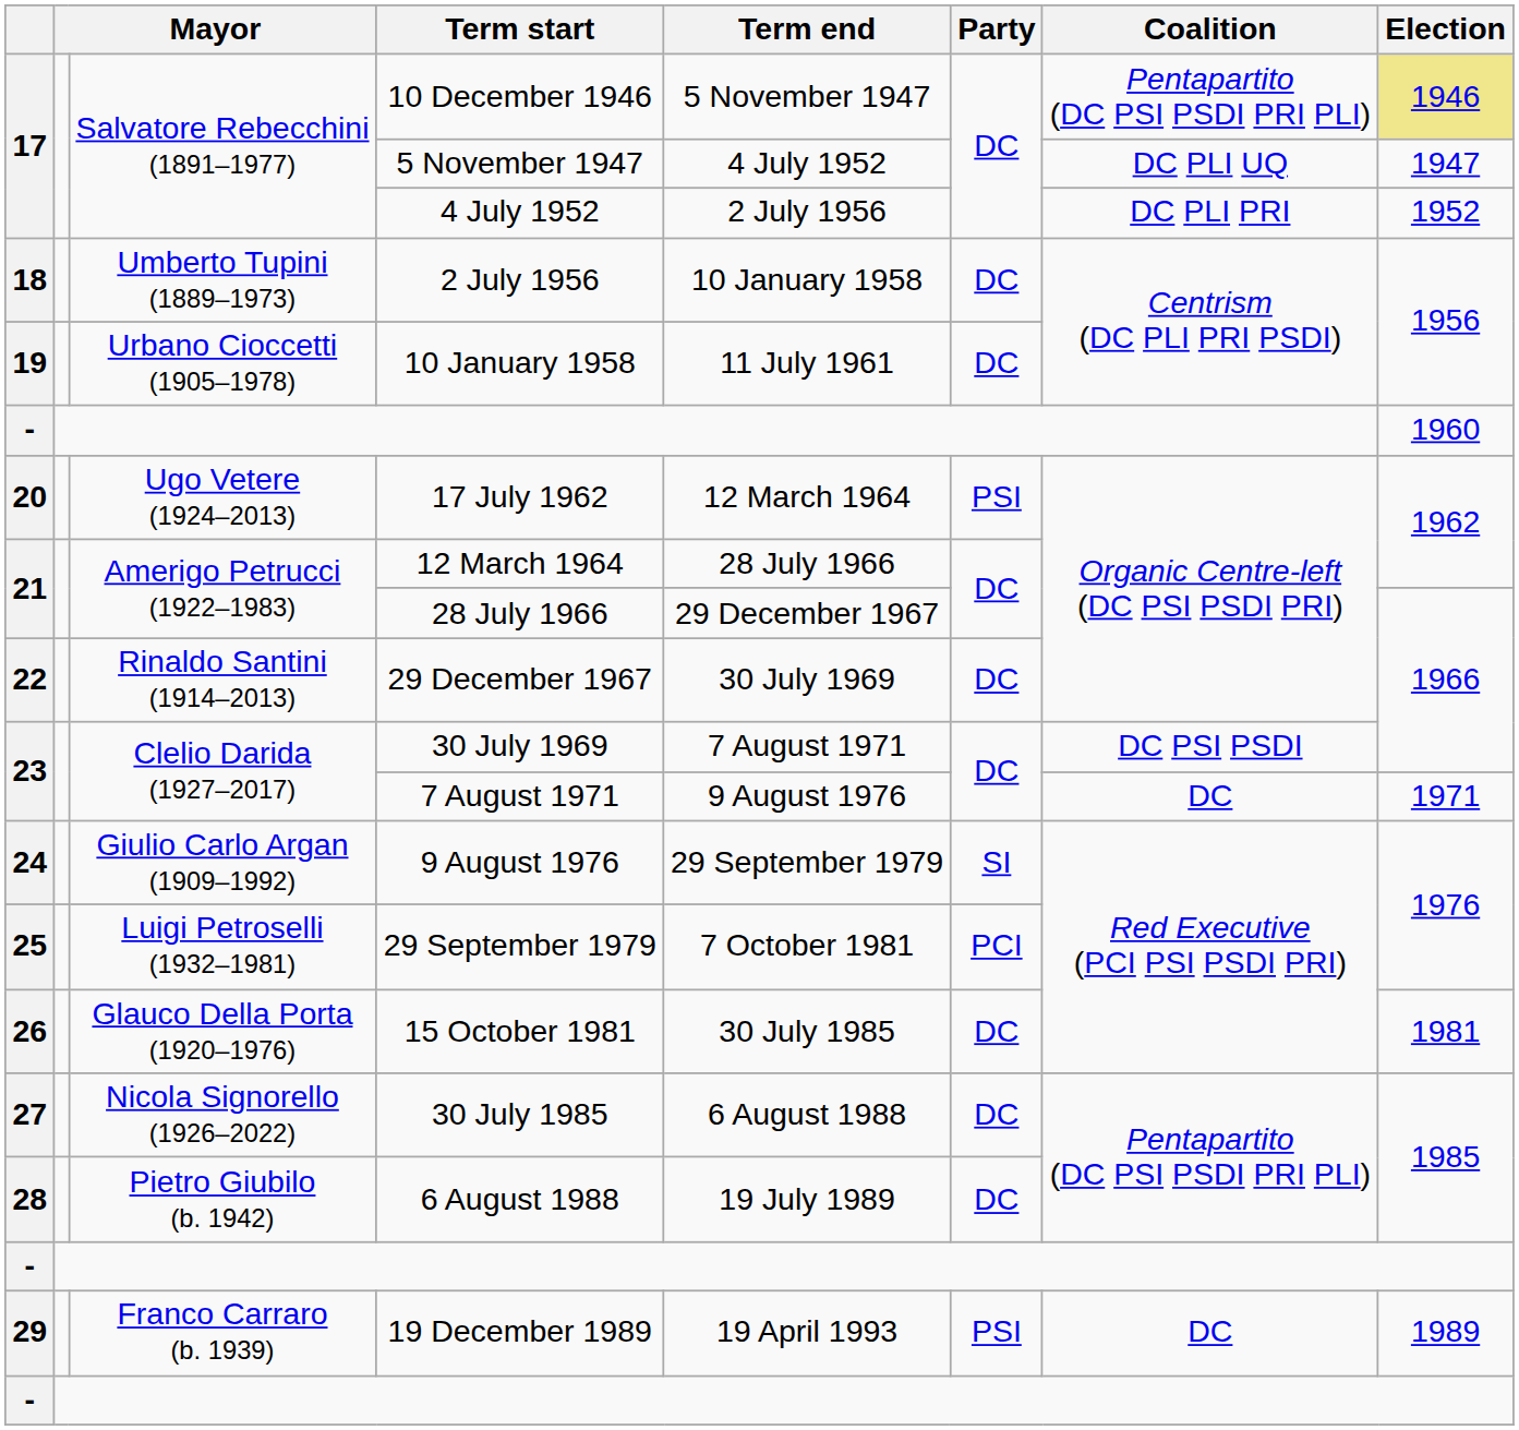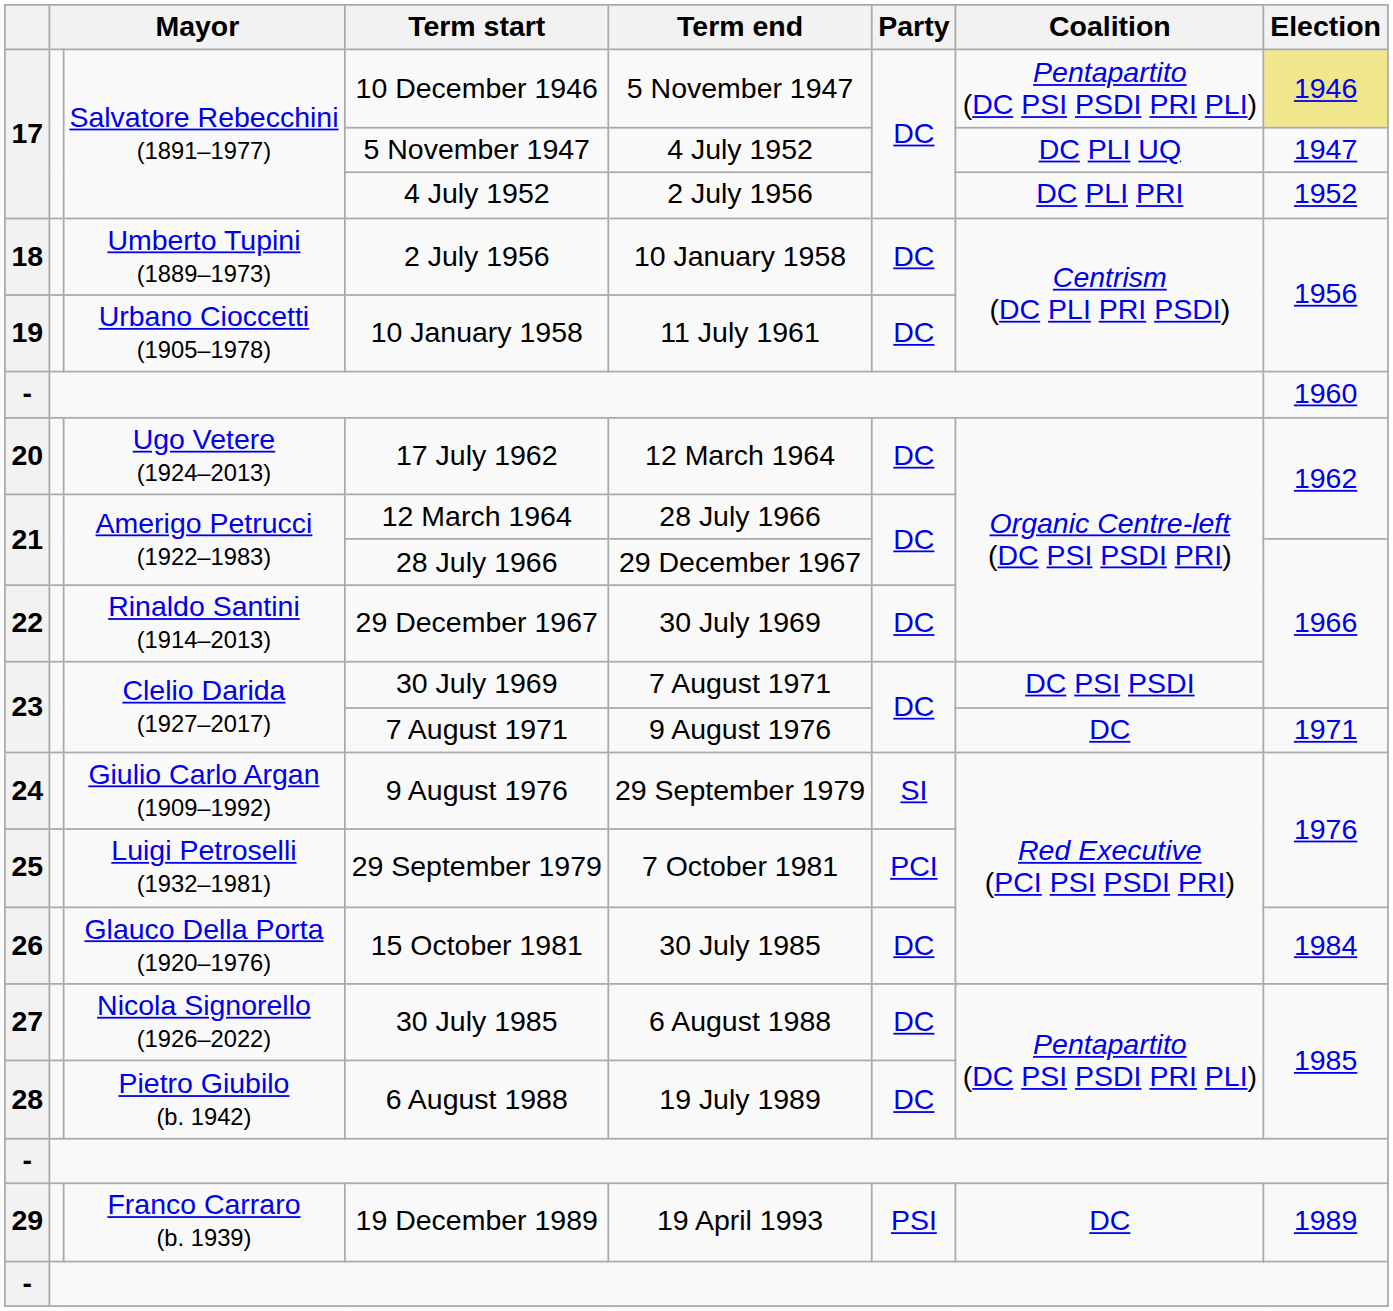 <table class="wikitable" style="text-align: center;">
 <tr>
 <th class=unsortable> </th>
 <th colspan="2">Mayor</th>
 <th>Term start</th>
 <th>Term end</th>
 <th>Party</th>
 <th>Coalition</th>
 <th>Election</th>
 </tr>
 <tr>
 <th rowspan=3 style="background:">17</th>
 <td rowspan=3></td>
 <td rowspan=3><a href='#'>Salvatore Rebecchini</a><br><small>(1891–1977)</small></td>
 <td>10 December 1946</td>
 <td>5 November 1947</td>
 <td rowspan=3><a href='#'>DC</a></td>
 <td><em><a href='#'>Pentapartito</a></em><br>(<a href='#'>DC</a>  <a href='#'>PSI</a>  <a href='#'>PSDI</a>  <a href='#'>PRI</a>  <a href='#'>PLI</a>)</td>
 <td style="background: khaki;"><a href='#'>1946</a></td>
 </tr>
 <tr>
 <td>5 November 1947</td>
 <td>4 July 1952</td>
 <td><a href='#'>DC</a>  <a href='#'>PLI</a>  <a href='#'>UQ</a></td>
 <td><a href='#'>1947</a></td>
 </tr>
 <tr>
 <td>4 July 1952</td>
 <td>2 July 1956</td>
 <td><a href='#'>DC</a>  <a href='#'>PLI</a>  <a href='#'>PRI</a></td>
 <td><a href='#'>1952</a></td>
 </tr>
 <tr>
 <th style="background:">18</th>
 <td></td>
 <td><a href='#'>Umberto Tupini</a><br><small>(1889–1973)</small></td>
 <td>2 July 1956</td>
 <td>10 January 1958</td>
 <td><a href='#'>DC</a></td>
 <td rowspan=2><em><a href='#'>Centrism</a></em><br>(<a href='#'>DC</a>  <a href='#'>PLI</a>  <a href='#'>PRI</a>  <a href='#'>PSDI</a>)</td>
 <td rowspan="2"><a href='#'>1956</a></td>
 </tr>
 <tr>
 <th style="background:">19</th>
 <td></td>
 <td><a href='#'>Urbano Cioccetti</a><br><small>(1905–1978)</small></td>
 <td>10 January 1958</td>
 <td>11 July 1961</td>
 <td><a href='#'>DC</a></td>
 </tr>
 <tr>
 <th style="background:; color:black">-</th>
 <td colspan="6"></td>
 <td><a href='#'>1960</a></td>
 </tr>
 <tr>
 <th style="background:">20</th>
 <td></td>
 <td><a href='#'>Ugo Vetere</a><br><small>(1924–2013)</small></td>
 <td>17 July 1962</td>
 <td>12 March 1964</td>
-<td><a href='#'>PSI</a></td>
+<td><a href='#'>DC</a></td>
 <td rowspan=4><em><a href='#'>Organic Centre-left</a></em><br>(<a href='#'>DC</a>  <a href='#'>PSI</a>  <a href='#'>PSDI</a>  <a href='#'>PRI</a>)</td>
 <td rowspan=2><a href='#'>1962</a></td>
 </tr>
 <tr>
 <th rowspan=2 style="background:">21</th>
 <td rowspan=2></td>
 <td rowspan=2><a href='#'>Amerigo Petrucci</a><br><small>(1922–1983)</small></td>
 <td>12 March 1964</td>
 <td>28 July 1966</td>
 <td rowspan=2><a href='#'>DC</a></td>
 </tr>
 <tr>
 <td>28 July 1966</td>
 <td>29 December 1967</td>
 <td rowspan="3"><a href='#'>1966</a></td>
 </tr>
 <tr>
 <th style="background:">22</th>
 <td></td>
 <td><a href='#'>Rinaldo Santini</a><br><small>(1914–2013)</small></td>
 <td>29 December 1967</td>
 <td>30 July 1969</td>
 <td><a href='#'>DC</a></td>
 </tr>
 <tr>
 <th rowspan=2 style="background:">23</th>
 <td rowspan=2></td>
 <td rowspan=2><a href='#'>Clelio Darida</a><br><small>(1927–2017)</small></td>
 <td>30 July 1969</td>
 <td>7 August 1971</td>
 <td rowspan=2><a href='#'>DC</a></td>
 <td><a href='#'>DC</a>  <a href='#'>PSI</a>  <a href='#'>PSDI</a></td>
 </tr>
 <tr>
 <td>7 August 1971</td>
 <td>9 August 1976</td>
 <td><a href='#'>DC</a></td>
 <td><a href='#'>1971</a></td>
 </tr>
 <tr>
 <th style="background:">24</th>
 <td></td>
 <td><a href='#'>Giulio Carlo Argan</a><br><small>(1909–1992)</small></td>
 <td>9 August 1976</td>
 <td>29 September 1979</td>
 <td><a href='#'>SI</a></td>
 <td rowspan=3><em><a href='#'>Red Executive</a></em><br>(<a href='#'>PCI</a>  <a href='#'>PSI</a>  <a href='#'>PSDI</a>  <a href='#'>PRI</a>)</td>
 <td rowspan="2"><a href='#'>1976</a></td>
 </tr>
 <tr>
 <th style="background:">25</th>
 <td></td>
 <td><a href='#'>Luigi Petroselli</a><br><small>(1932–1981)</small></td>
 <td>29 September 1979</td>
 <td>7 October 1981</td>
 <td><a href='#'>PCI</a></td>
 </tr>
 <tr>
 <th style="background:">26</th>
 <td></td>
 <td><a href='#'>Glauco Della Porta</a><br><small>(1920–1976)</small></td>
 <td>15 October 1981</td>
 <td>30 July 1985</td>
 <td><a href='#'>DC</a></td>
-<td><a href='#'>1981</a></td>
+<td><a href='#'>1984</a></td>
 </tr>
 <tr>
 <th style="background:">27</th>
 <td></td>
 <td><a href='#'>Nicola Signorello</a><br><small>(1926–2022)</small></td>
 <td>30 July 1985</td>
 <td>6 August 1988</td>
 <td><a href='#'>DC</a></td>
 <td rowspan=2><em><a href='#'>Pentapartito</a></em><br>(<a href='#'>DC</a>  <a href='#'>PSI</a>  <a href='#'>PSDI</a>  <a href='#'>PRI</a>  <a href='#'>PLI</a>)</td>
 <td rowspan="2"><a href='#'>1985</a></td>
 </tr>
 <tr>
 <th style="background:">28</th>
 <td></td>
 <td><a href='#'>Pietro Giubilo</a><br><small>(b. 1942)</small></td>
 <td>6 August 1988</td>
 <td>19 July 1989</td>
 <td><a href='#'>DC</a></td>
 </tr>
 <tr>
 <th style="background:; color:black">-</th>
 <td colspan="7"></td>
 </tr>
 <tr>
 <th style="background:">29</th>
 <td></td>
 <td><a href='#'>Franco Carraro</a><br><small>(b. 1939)</small></td>
 <td align=center>19 December 1989</td>
 <td align=center>19 April 1993</td>
 <td><a href='#'>PSI</a></td>
 <td><a href='#'>DC</a></td>
 <td><a href='#'>1989</a></td>
 </tr>
 <tr>
 <th style="background:; color:black">-</th>
 <td colspan="7"></td>
 </tr>
 </table>
